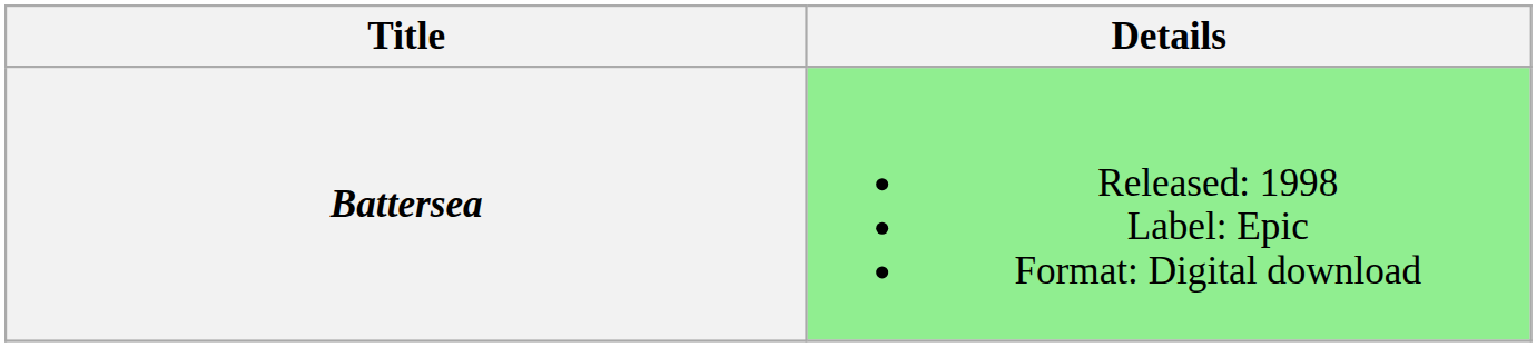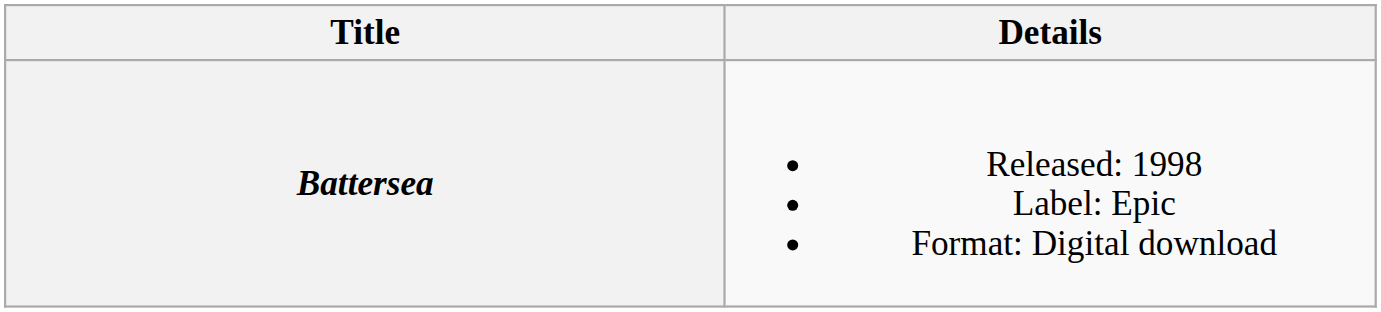 <table class="wikitable plainrowheaders" style="text-align:center;">
 <tr>
 <th scope="col" style="width:20em;">Title</th>
 <th scope="col" style="width:18em;">Details</th>
 </tr>
 <tr>
 <th scope="row"><em>Battersea</em></th>
-<td style="background: lightgreen;"><br><ul><li>Released: 1998</li><li>Label: Epic</li><li>Format: Digital download</li></ul></td>
+<td><br><ul><li>Released: 1998</li><li>Label: Epic</li><li>Format: Digital download</li></ul></td>
 </tr>
 </table>
